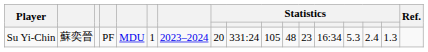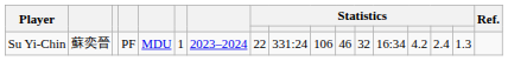 <table class="wikitable sortable" style="font-size:95%; text-align:right;">
 <tr>
 <th rowspan="2">Player</th>
 <th rowspan="2"></th>
 <th rowspan="2"></th>
 <th rowspan="2"></th>
 <th rowspan="2"></th>
 <th rowspan="2"></th>
 <th rowspan="2"></th>
 <th colspan="9">Statistics</th>
 <th rowspan="2">Ref.</th>
 </tr>
 <tr>
 <th></th>
 <th></th>
 <th></th>
 <th></th>
 <th></th>
 <th></th>
 <th></th>
 <th></th>
 <th></th>
 </tr>
 <tr>
 <td align="left">Su Yi-Chin</td>
 <td align="left">蘇奕晉</td>
 <td align="center"></td>
 <td align="center">PF</td>
 <td align="left"><a href='#'>MDU</a></td>
 <td align="center">1</td>
 <td align="center"><a href='#'>2023–2024</a></td>
-<td>20</td>
+<td>22</td>
 <td>331:24</td>
-<td>105</td>
-<td>48</td>
-<td>23</td>
+<td>106</td>
+<td>46</td>
+<td>32</td>
 <td>16:34</td>
-<td>5.3</td>
+<td>4.2</td>
 <td>2.4</td>
 <td>1.3</td>
 <td align="center"></td>
 </tr>
 </table>
